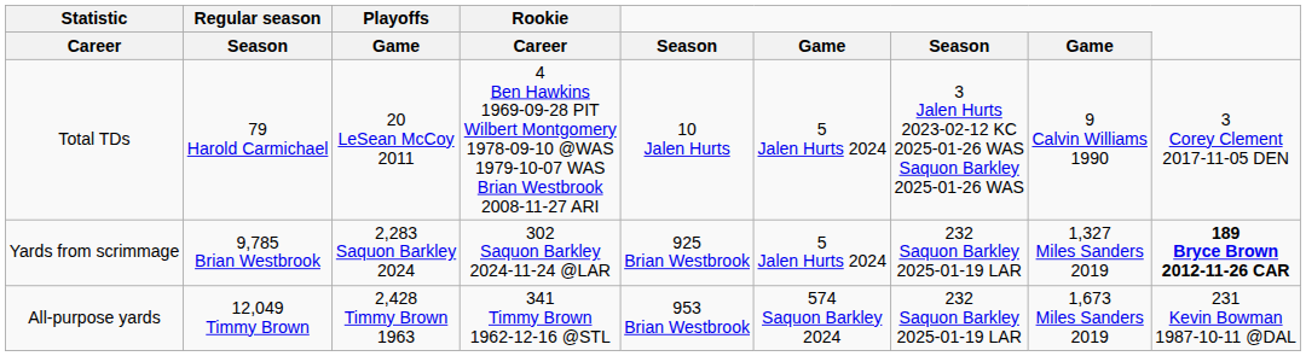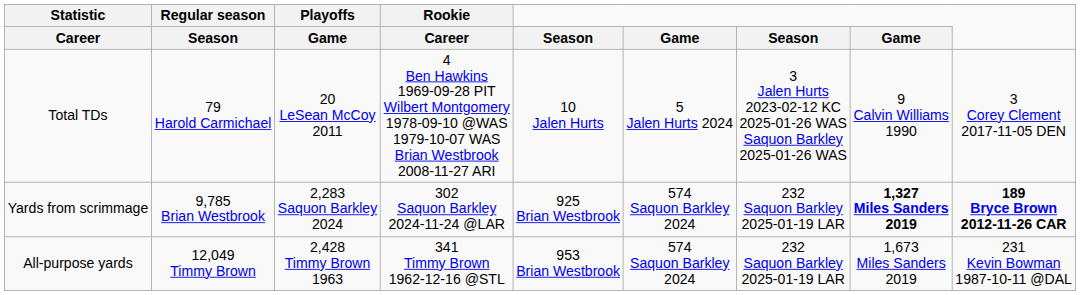 <table class="wikitable" style="text-align:center">
 <tr>
 <th>Statistic</th>
 <th>Regular season</th>
 <th>Playoffs</th>
 <th>Rookie</th>
 </tr>
 <tr>
 <th>Career</th>
 <th>Season</th>
 <th>Game</th>
 <th>Career</th>
 <th>Season</th>
 <th>Game</th>
 <th>Season</th>
 <th>Game</th>
 </tr>
 <tr>
 <td>Total TDs</td>
 <td>79<br><a href='#'>Harold Carmichael</a></td>
 <td>20<br><a href='#'>LeSean McCoy</a><br>2011</td>
 <td>4<br><a href='#'>Ben Hawkins</a><br>1969-09-28 PIT<br><a href='#'>Wilbert Montgomery</a><br>1978-09-10 @WAS<br>1979-10-07 WAS<br><a href='#'>Brian Westbrook</a><br>2008-11-27 ARI</td>
 <td>10<br><a href='#'>Jalen Hurts</a></td>
 <td>5<br><a href='#'>Jalen Hurts</a> 2024</td>
 <td>3<br><a href='#'>Jalen Hurts</a><br>2023-02-12 KC<br>2025-01-26 WAS<br><a href='#'>Saquon Barkley</a><br>2025-01-26 WAS</td>
 <td>9<br><a href='#'>Calvin Williams</a><br>1990</td>
 <td>3<br><a href='#'>Corey Clement</a><br>2017-11-05 DEN</td>
 </tr>
 <tr>
 <td>Yards from scrimmage</td>
 <td>9,785<br><a href='#'>Brian Westbrook</a></td>
 <td>2,283<br><a href='#'>Saquon Barkley</a><br>2024</td>
 <td>302<br><a href='#'>Saquon Barkley</a><br>2024-11-24 @LAR</td>
 <td>925<br><a href='#'>Brian Westbrook</a></td>
-<td>5<br><a href='#'>Jalen Hurts</a> 2024</td>
+<td>574<br><a href='#'>Saquon Barkley</a><br>2024</td>
 <td>232<br><a href='#'>Saquon Barkley</a><br>2025-01-19 LAR</td>
-<td>1,327<br><a href='#'>Miles Sanders</a><br>2019</td>
+<td><strong>1,327<br><a href='#'>Miles Sanders</a><br>2019</strong></td>
 <td><strong>189<br><a href='#'>Bryce Brown</a><br>2012-11-26 CAR</strong></td>
 </tr>
 <tr>
 <td>All-purpose yards</td>
 <td>12,049<br><a href='#'>Timmy Brown</a></td>
 <td>2,428<br><a href='#'>Timmy Brown</a><br>1963</td>
 <td>341<br><a href='#'>Timmy Brown</a><br>1962-12-16 @STL</td>
 <td>953<br><a href='#'>Brian Westbrook</a></td>
 <td>574<br><a href='#'>Saquon Barkley</a><br>2024</td>
 <td>232<br><a href='#'>Saquon Barkley</a><br>2025-01-19 LAR</td>
 <td>1,673<br><a href='#'>Miles Sanders</a><br>2019</td>
 <td>231<br><a href='#'>Kevin Bowman</a><br>1987-10-11 @DAL</td>
 </tr>
 </table>
